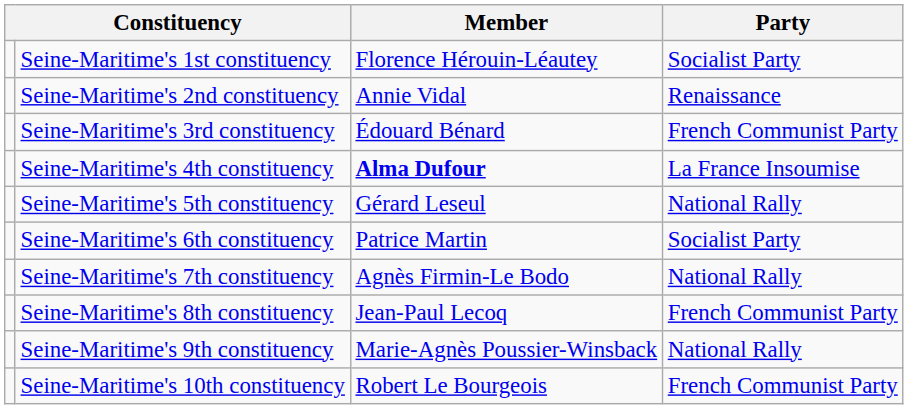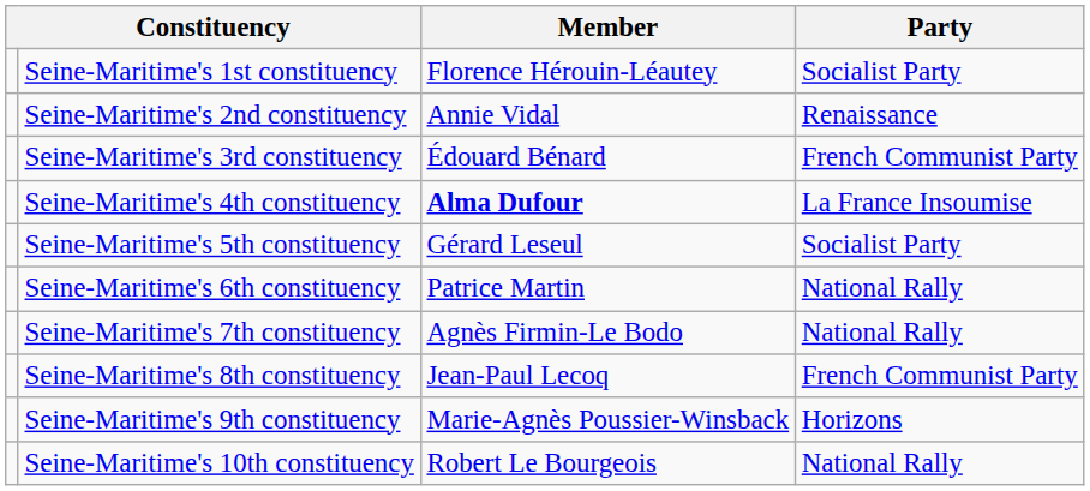 <table class="wikitable">
 <tr>
 <th colspan="2">Constituency</th>
 <th>Member</th>
 <th>Party</th>
 </tr>
 <tr>
 <td style="background-color: "></td>
 <td><a href='#'>Seine-Maritime's 1st constituency</a></td>
 <td><a href='#'>Florence Hérouin-Léautey</a></td>
 <td><a href='#'>Socialist Party</a></td>
 </tr>
 <tr>
 <td style="background-color: "></td>
 <td><a href='#'>Seine-Maritime's 2nd constituency</a></td>
 <td><a href='#'>Annie Vidal</a></td>
 <td><a href='#'>Renaissance</a></td>
 </tr>
 <tr>
 <td style="background-color: "></td>
 <td><a href='#'>Seine-Maritime's 3rd constituency</a></td>
 <td><a href='#'>Édouard Bénard</a></td>
 <td><a href='#'>French Communist Party</a></td>
 </tr>
 <tr>
 <td style="background-color: "></td>
 <td><a href='#'>Seine-Maritime's 4th constituency</a></td>
 <td><strong><a href='#'>Alma Dufour</a></strong></td>
 <td><a href='#'>La France Insoumise</a></td>
 </tr>
 <tr>
 <td style="background-color: "></td>
 <td><a href='#'>Seine-Maritime's 5th constituency</a></td>
 <td><a href='#'>Gérard Leseul</a></td>
-<td><a href='#'>National Rally</a></td>
+<td><a href='#'>Socialist Party</a></td>
 </tr>
 <tr>
 <td style="background-color: "></td>
 <td><a href='#'>Seine-Maritime's 6th constituency</a></td>
 <td><a href='#'>Patrice Martin</a></td>
-<td><a href='#'>Socialist Party</a></td>
+<td><a href='#'>National Rally</a></td>
 </tr>
 <tr>
 <td style="background-color: "></td>
 <td><a href='#'>Seine-Maritime's 7th constituency</a></td>
 <td><a href='#'>Agnès Firmin-Le Bodo</a></td>
 <td><a href='#'>National Rally</a></td>
 </tr>
 <tr>
 <td style="background-color: "></td>
 <td><a href='#'>Seine-Maritime's 8th constituency</a></td>
 <td><a href='#'>Jean-Paul Lecoq</a></td>
 <td><a href='#'>French Communist Party</a></td>
 </tr>
 <tr>
 <td style="background-color: "></td>
 <td><a href='#'>Seine-Maritime's 9th constituency</a></td>
 <td><a href='#'>Marie-Agnès Poussier-Winsback</a></td>
-<td><a href='#'>National Rally</a></td>
+<td><a href='#'>Horizons</a></td>
 </tr>
 <tr>
 <td style="background-color: "></td>
 <td><a href='#'>Seine-Maritime's 10th constituency</a></td>
 <td><a href='#'>Robert Le Bourgeois</a></td>
-<td><a href='#'>French Communist Party</a></td>
+<td><a href='#'>National Rally</a></td>
 </tr>
 </table>
